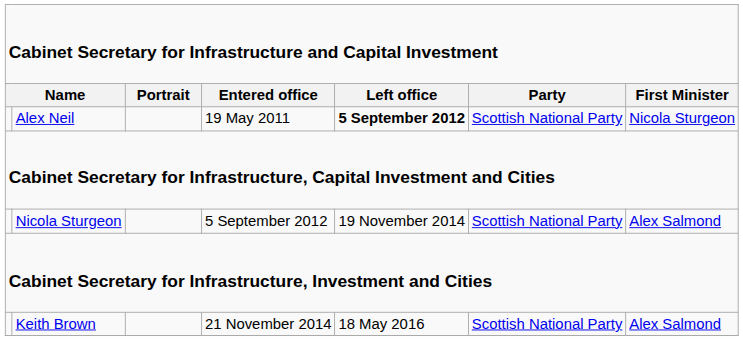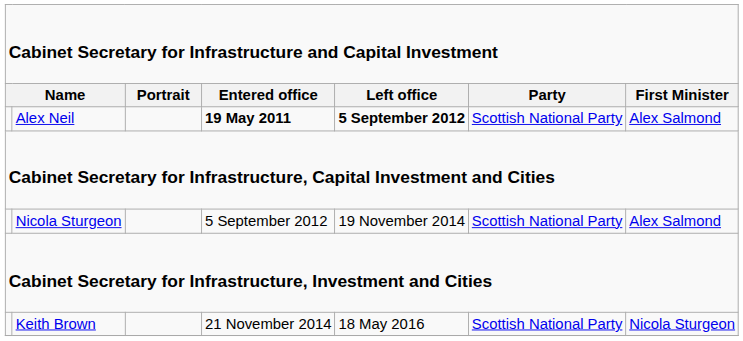 <table class="wikitable" style="margin: 0 0 0 1em; background: #f9f9f9; border: 1px #aaaaaa solid; border-collapse: collapse; ">
 <tr>
 <td colspan="7"><br><h3>Cabinet Secretary for Infrastructure and Capital Investment</h3></td>
 </tr>
 <tr>
 <th colspan="2">Name</th>
 <th width=75>Portrait</th>
 <th>Entered office</th>
 <th>Left office</th>
 <th>Party</th>
 <th>First Minister</th>
 </tr>
 <tr>
 <td></td>
 <td><a href='#'>Alex Neil</a></td>
 <td></td>
-<td>19 May 2011</td>
+<td><strong>19 May 2011</strong></td>
 <td><strong>5 September 2012</strong></td>
 <td><a href='#'>Scottish National Party</a></td>
-<td><a href='#'>Nicola Sturgeon</a></td>
+<td><a href='#'>Alex Salmond</a></td>
 </tr>
 <tr>
 <td colspan="7"><br><h3>Cabinet Secretary for Infrastructure, Capital Investment and Cities</h3></td>
 </tr>
 <tr>
 <td></td>
 <td><a href='#'>Nicola Sturgeon</a></td>
 <td></td>
 <td>5 September 2012</td>
 <td>19 November 2014</td>
 <td><a href='#'>Scottish National Party</a></td>
 <td><a href='#'>Alex Salmond</a></td>
 </tr>
 <tr>
 <td colspan="7"><br><h3>Cabinet Secretary for Infrastructure, Investment and Cities</h3></td>
 </tr>
 <tr>
 <td></td>
 <td><a href='#'>Keith Brown</a></td>
 <td></td>
 <td>21 November 2014</td>
 <td>18 May 2016</td>
 <td><a href='#'>Scottish National Party</a></td>
-<td><a href='#'>Alex Salmond</a></td>
+<td><a href='#'>Nicola Sturgeon</a></td>
 </tr>
 <tr>
 </tr>
 </table>
